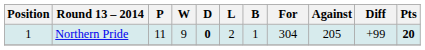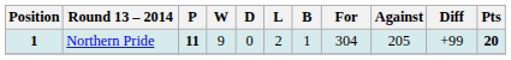 <table class="wikitable" style="text-align:center; font-size:85%;">
 <tr>
 <th width=40 abbr="Position">Position</th>
 <th width=100>Round 13 – 2014</th>
 <th width=20 abbr="Played">P</th>
 <th width=20 abbr="Won">W</th>
 <th width=20 abbr="Drawn">D</th>
 <th width=20 abbr="Lost">L</th>
 <th width=20 abbr="Bye">B</th>
 <th width=40 abbr="Points for">For</th>
 <th width=40 abbr="Points against">Against</th>
 <th width=40 abbr="Points difference">Diff</th>
 <th width=20 abbr="Points">Pts</th>
 </tr>
 <tr style="background: #d7ebed;">
-<td>1</td>
+<td><strong>1</strong></td>
 <td style="text-align:left;"> <a href='#'>Northern Pride</a></td>
-<td>11</td>
+<td><strong>11</strong></td>
 <td>9</td>
-<td><strong>0</strong></td>
+<td>0</td>
 <td>2</td>
 <td>1</td>
 <td>304</td>
 <td>205</td>
 <td>+99</td>
 <td><strong>20</strong></td>
 </tr>
 <tr>
 </tr>
 </table>
